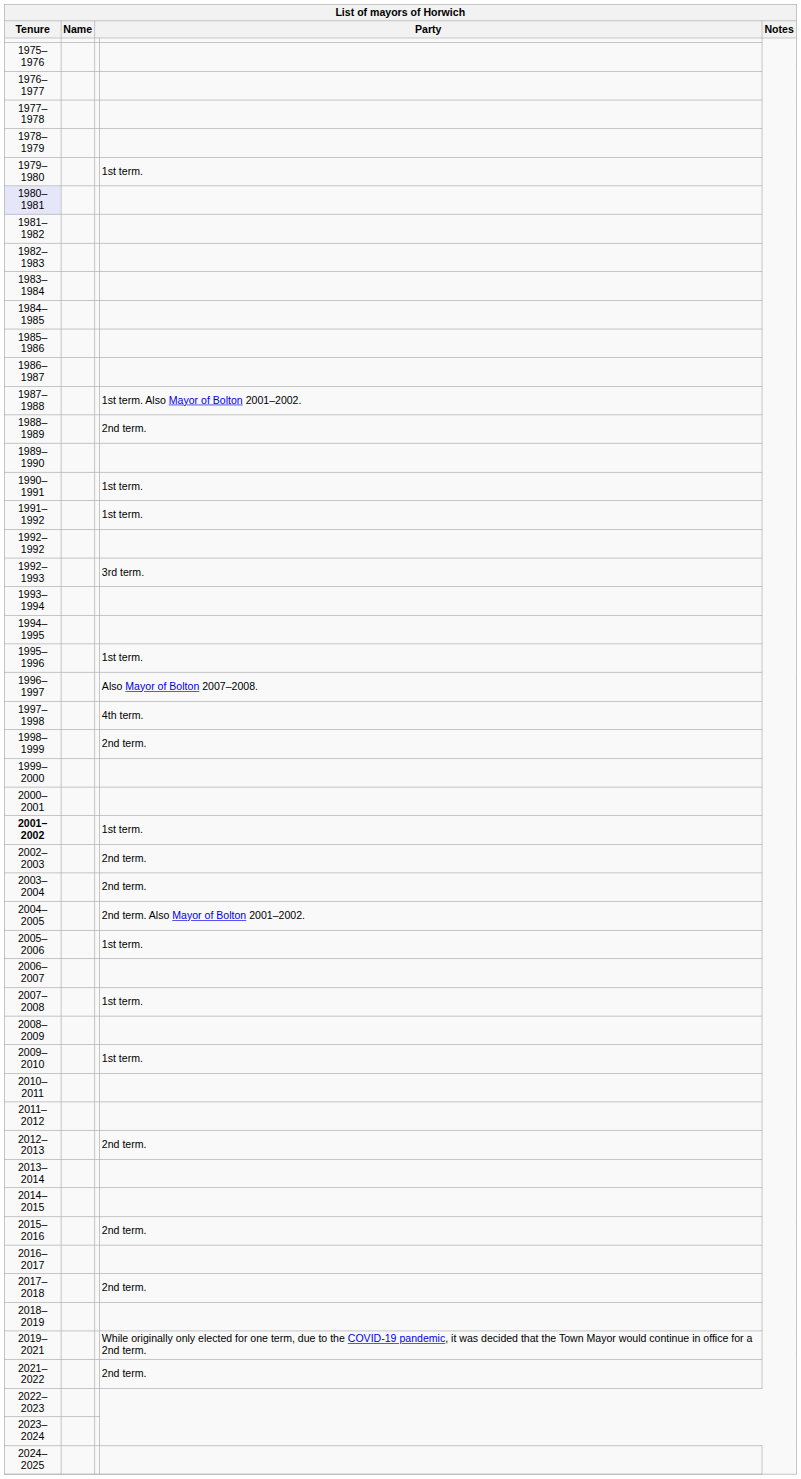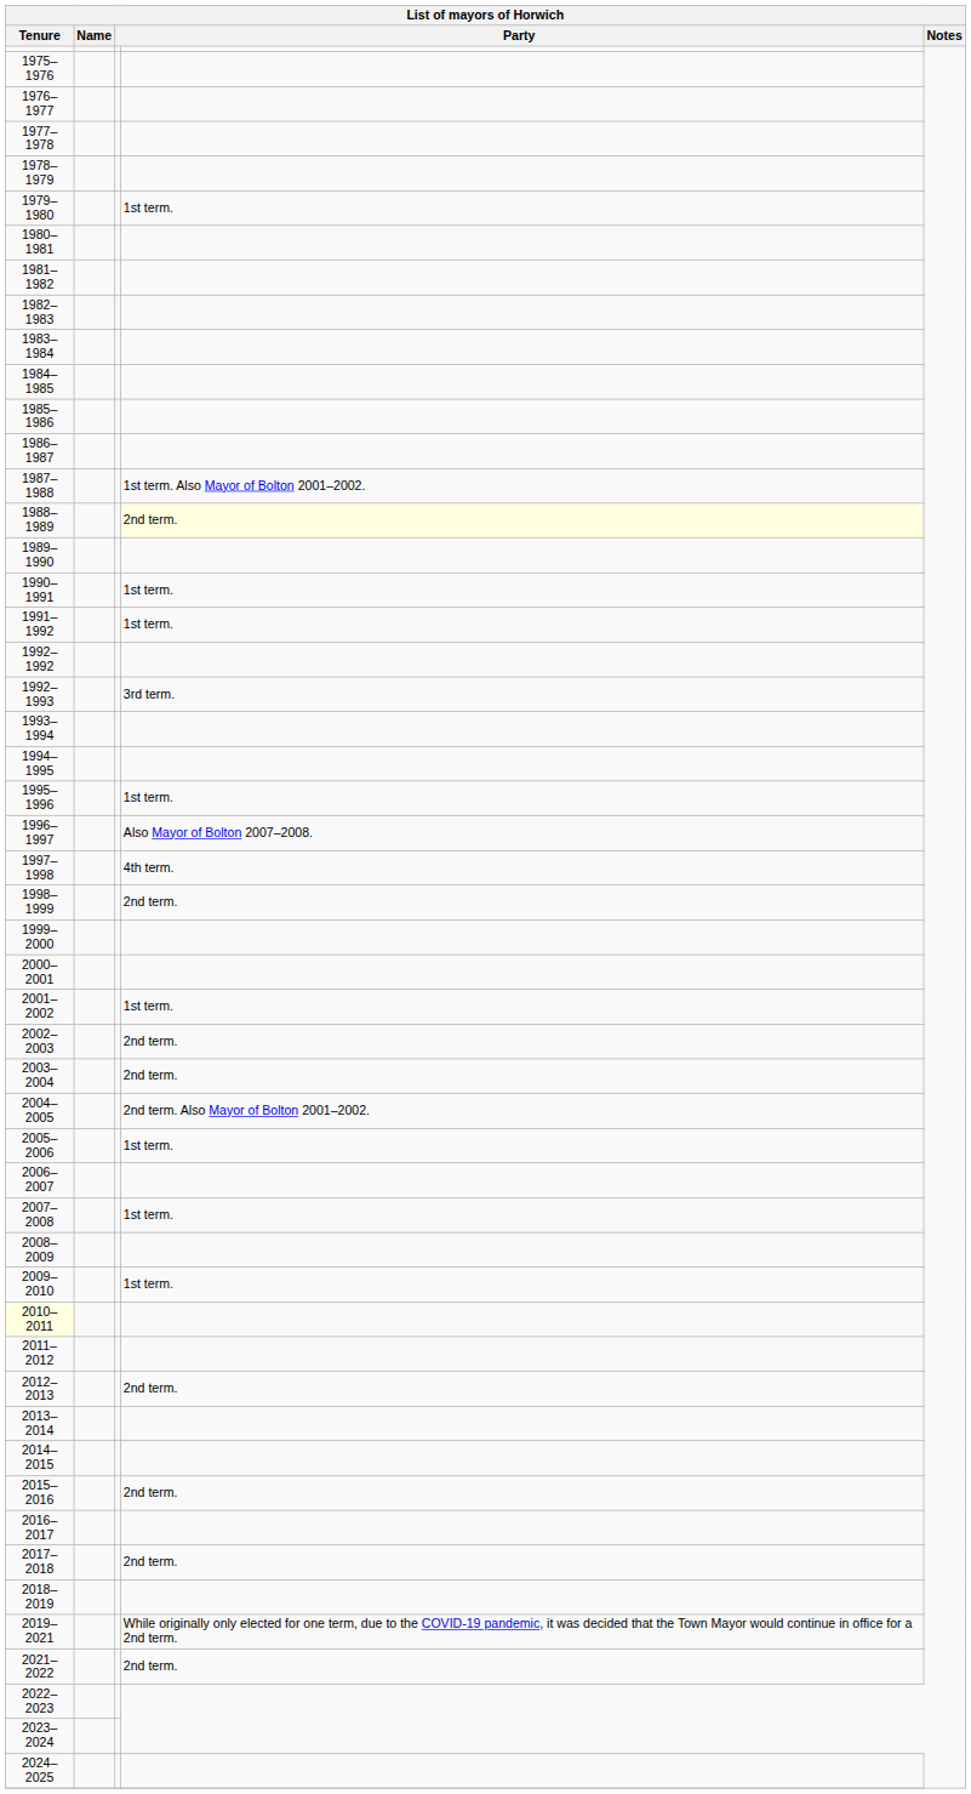 <table class="wikitable sortable"  style="width: 95%;" border="1" cellpadding="1">
 <tr>
 <th colspan="5">List of mayors of Horwich </th>
 </tr>
 <tr>
 <th>Tenure</th>
 <th>Name</th>
 <th colspan=2>Party</th>
 <th class=unsortable>Notes</th>
 </tr>
 <tr>
 <td align=center></td>
 <td></td>
 <td></td>
 <td></td>
 </tr>
 <tr>
 <td align=center>1975–1976</td>
 <td></td>
 <td></td>
 <td></td>
 </tr>
 <tr>
 <td align=center>1976–1977</td>
 <td></td>
 <td></td>
 <td></td>
 </tr>
 <tr>
 <td align=center>1977–1978</td>
 <td></td>
 <td></td>
 <td></td>
 </tr>
 <tr>
 <td align=center>1978–1979</td>
 <td></td>
 <td></td>
 <td></td>
 </tr>
 <tr>
 <td align=center>1979–1980</td>
 <td></td>
 <td></td>
 <td>1st term.</td>
 </tr>
 <tr>
-<td align=center style="background: lavender;">1980–1981</td>
+<td align=center>1980–1981</td>
 <td></td>
 <td></td>
 <td></td>
 </tr>
 <tr>
 <td align=center>1981–1982</td>
 <td></td>
 <td></td>
 <td></td>
 </tr>
 <tr>
 <td align=center>1982–1983</td>
 <td></td>
 <td></td>
 <td></td>
 </tr>
 <tr>
 <td align=center>1983–1984</td>
 <td></td>
 <td></td>
 <td></td>
 </tr>
 <tr>
 <td align=center>1984–1985</td>
 <td></td>
 <td></td>
 <td></td>
 </tr>
 <tr>
 <td align=center>1985–1986</td>
 <td></td>
 <td></td>
 <td></td>
 </tr>
 <tr>
 <td align=center>1986–1987</td>
 <td></td>
 <td></td>
 <td></td>
 </tr>
 <tr>
 <td align=center>1987–1988</td>
 <td></td>
 <td></td>
 <td>1st term. Also <a href='#'>Mayor of Bolton</a> 2001–2002.</td>
 </tr>
 <tr>
 <td align=center>1988–1989</td>
 <td></td>
 <td></td>
-<td>2nd term.</td>
+<td style="background: lightyellow;">2nd term.</td>
 </tr>
 <tr>
 <td align=center>1989–1990</td>
 <td></td>
 <td></td>
 <td></td>
 </tr>
 <tr>
 <td align=center>1990–1991</td>
 <td></td>
 <td></td>
 <td>1st term.</td>
 </tr>
 <tr>
 <td align=center>1991–1992</td>
 <td></td>
 <td></td>
 <td>1st term.</td>
 </tr>
 <tr>
 <td align=center>1992–1992</td>
 <td></td>
 <td></td>
 <td></td>
 </tr>
 <tr>
 <td align=center>1992–1993</td>
 <td></td>
 <td></td>
 <td>3rd term.</td>
 </tr>
 <tr>
 <td align=center>1993–1994</td>
 <td></td>
 <td></td>
 <td></td>
 </tr>
 <tr>
 <td align=center>1994–1995</td>
 <td></td>
 <td></td>
 <td></td>
 </tr>
 <tr>
 <td align=center>1995–1996</td>
 <td></td>
 <td></td>
 <td>1st term.</td>
 </tr>
 <tr>
 <td align=center>1996–1997</td>
 <td></td>
 <td></td>
 <td>Also <a href='#'>Mayor of Bolton</a> 2007–2008.</td>
 </tr>
 <tr>
 <td align=center>1997–1998</td>
 <td></td>
 <td></td>
 <td>4th term.</td>
 </tr>
 <tr>
 <td align=center>1998–1999</td>
 <td></td>
 <td></td>
 <td>2nd term.</td>
 </tr>
 <tr>
 <td align=center>1999–2000</td>
 <td></td>
 <td></td>
 <td></td>
 </tr>
 <tr>
 <td align=center>2000–2001</td>
 <td></td>
 <td></td>
 <td></td>
 </tr>
 <tr>
-<td align=center><strong>2001–2002</strong></td>
+<td align=center>2001–2002</td>
 <td></td>
 <td></td>
 <td>1st term.</td>
 </tr>
 <tr>
 <td align=center>2002–2003</td>
 <td></td>
 <td></td>
 <td>2nd term.</td>
 </tr>
 <tr>
 <td align=center>2003–2004</td>
 <td></td>
 <td></td>
 <td>2nd term.</td>
 </tr>
 <tr>
 <td align=center>2004–2005</td>
 <td></td>
 <td></td>
 <td>2nd term. Also <a href='#'>Mayor of Bolton</a> 2001–2002.</td>
 </tr>
 <tr>
 <td align=center>2005–2006</td>
 <td></td>
 <td></td>
 <td>1st term.</td>
 </tr>
 <tr>
 <td align=center>2006–2007</td>
 <td></td>
 <td></td>
 <td></td>
 </tr>
 <tr>
 <td align=center>2007–2008</td>
 <td></td>
 <td></td>
 <td>1st term.</td>
 </tr>
 <tr>
 <td align=center>2008–2009</td>
 <td></td>
 <td></td>
 <td></td>
 </tr>
 <tr>
 <td align=center>2009–2010</td>
 <td></td>
 <td></td>
 <td>1st term.</td>
 </tr>
 <tr>
-<td align=center>2010–2011</td>
+<td align=center style="background: lightyellow;">2010–2011</td>
 <td></td>
 <td></td>
 <td></td>
 </tr>
 <tr>
 <td align=center>2011–2012</td>
 <td></td>
 <td></td>
 <td></td>
 </tr>
 <tr>
 <td align=center>2012–2013</td>
 <td></td>
 <td></td>
 <td>2nd term.</td>
 </tr>
 <tr>
 <td align=center>2013–2014</td>
 <td></td>
 <td></td>
 <td></td>
 </tr>
 <tr>
 <td align=center>2014–2015</td>
 <td></td>
 <td></td>
 <td></td>
 </tr>
 <tr>
 <td align=center>2015–2016</td>
 <td></td>
 <td></td>
 <td>2nd term.</td>
 </tr>
 <tr>
 <td align=center>2016–2017</td>
 <td></td>
 <td></td>
 <td></td>
 </tr>
 <tr>
 <td align=center>2017–2018</td>
 <td></td>
 <td></td>
 <td>2nd term.</td>
 </tr>
 <tr>
 <td align=center>2018–2019</td>
 <td></td>
 <td></td>
 <td></td>
 </tr>
 <tr>
 <td align=center>2019–2021</td>
 <td></td>
 <td></td>
 <td>While originally only elected for one term, due to the <a href='#'>COVID-19 pandemic</a>, it was decided that the Town Mayor would continue in office for a 2nd term.</td>
 </tr>
 <tr>
 <td align=center>2021–2022</td>
 <td></td>
 <td></td>
 <td>2nd term.</td>
 </tr>
 <tr>
 <td align=center>2022–2023</td>
 <td></td>
 <td></td>
 </tr>
 <tr>
 <td align=center>2023–2024</td>
 <td></td>
 <td></td>
 </tr>
 <tr>
 <td align=center>2024–2025</td>
 <td></td>
 <td></td>
 <td></td>
 </tr>
 <tr>
 </tr>
 </table>
